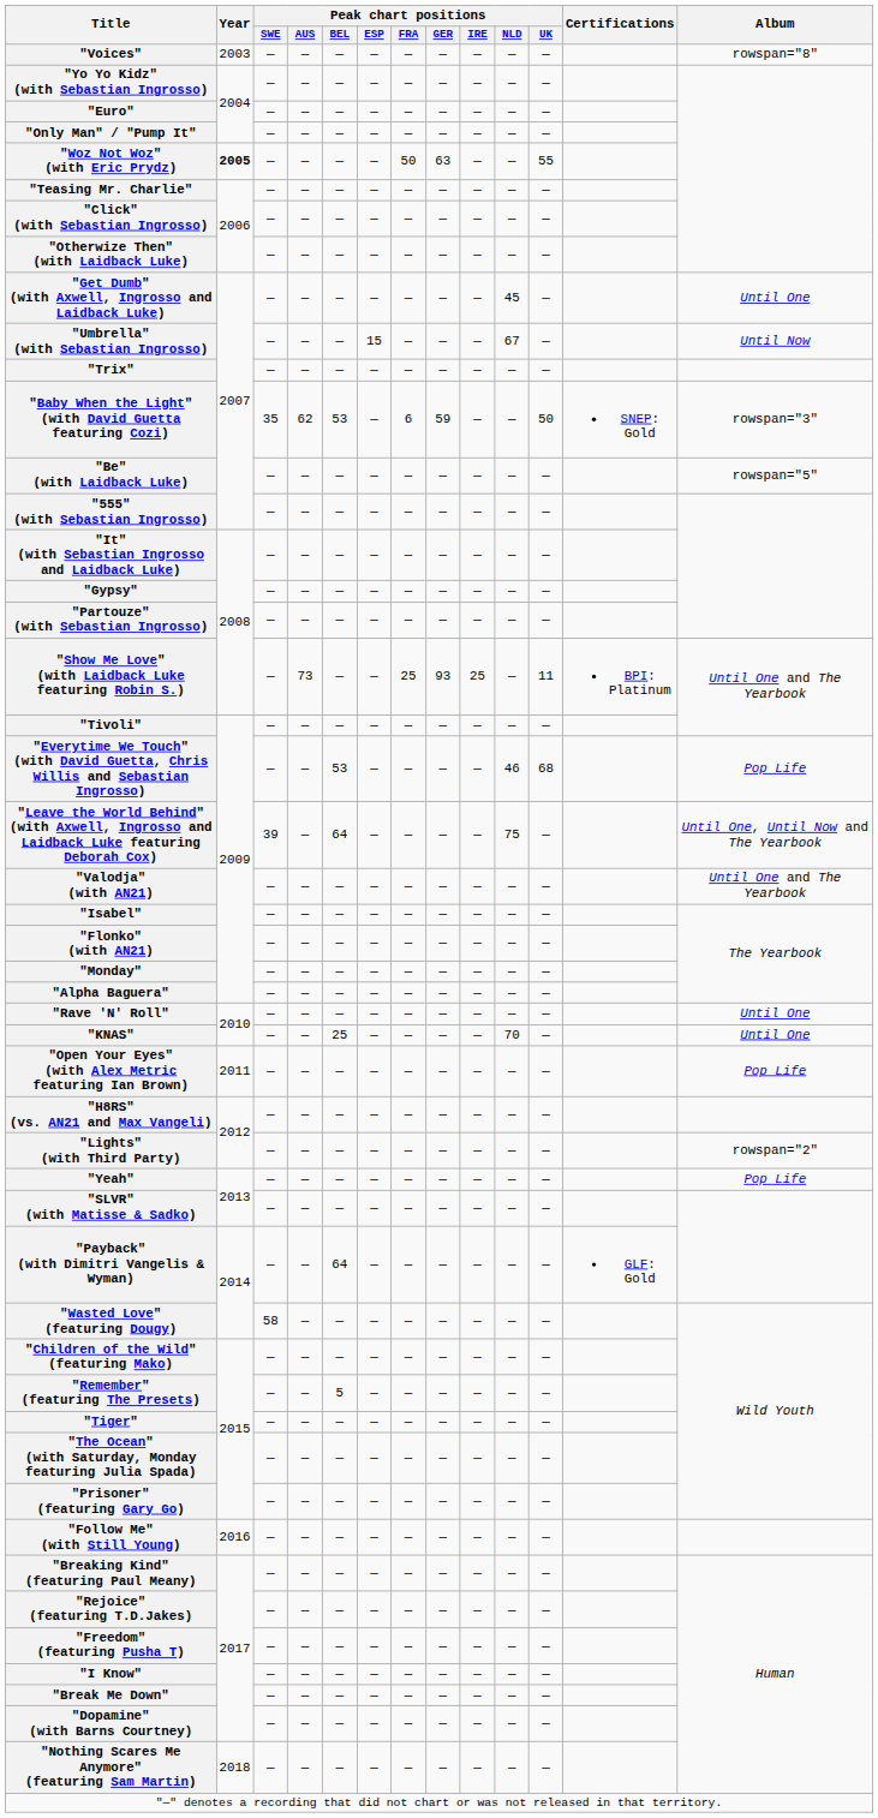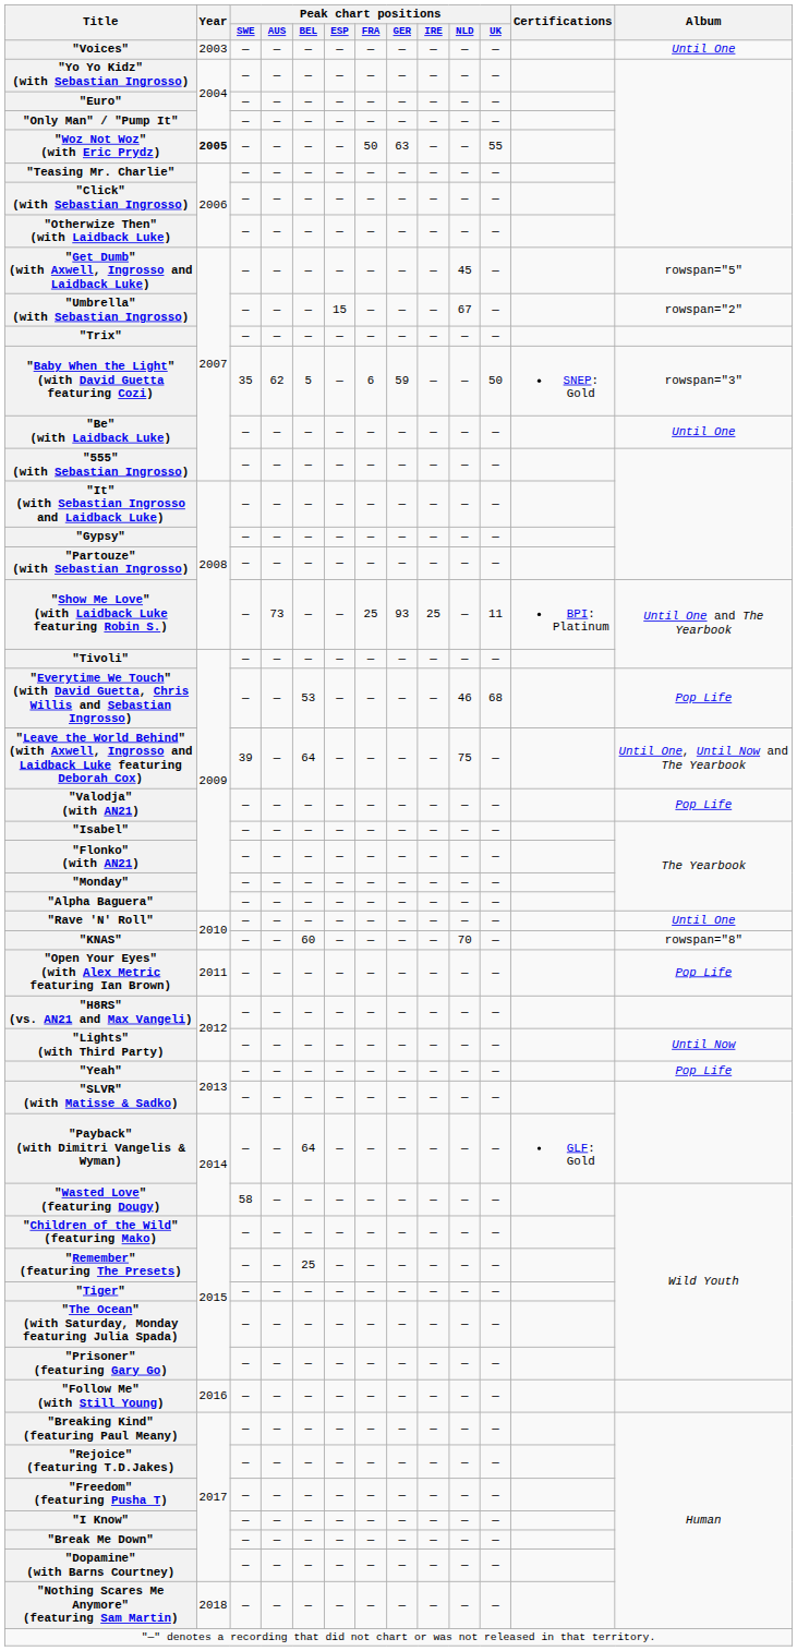 <table class="wikitable plainrowheaders" style="text-align:center;">
 <tr>
 <th scope="col" rowspan="2" style="width:20em;">Title</th>
 <th scope="col" rowspan="2" style="width:1.5em;">Year</th>
 <th scope="col" colspan="9">Peak chart positions</th>
 <th scope="col" rowspan="2">Certifications</th>
 <th scope="col" rowspan="2" style="width:18em;">Album</th>
 </tr>
 <tr>
 <th scope="col" style="width:3em;font-size:85%;"><a href='#'>SWE</a><br></th>
 <th scope="col" style="width:3em;font-size:85%;"><a href='#'>AUS</a><br></th>
 <th scope="col" style="width:3em;font-size:85%;"><a href='#'>BEL</a><br></th>
 <th scope="col" style="width:3em;font-size:85%;"><a href='#'>ESP</a><br></th>
 <th scope="col" style="width:3em;font-size:85%;"><a href='#'>FRA</a><br></th>
 <th scope="col" style="width:3em;font-size:85%;"><a href='#'>GER</a><br></th>
 <th scope="col" style="width:3em;font-size:85%;"><a href='#'>IRE</a><br></th>
 <th scope="col" style="width:3em;font-size:85%;"><a href='#'>NLD</a><br></th>
 <th scope="col" style="width:3em;font-size:85%;"><a href='#'>UK</a><br></th>
 </tr>
 <tr>
 <th scope="row">"Voices"</th>
 <td>2003</td>
 <td>—</td>
 <td>—</td>
 <td>—</td>
 <td>—</td>
 <td>—</td>
 <td>—</td>
 <td>—</td>
 <td>—</td>
 <td>—</td>
 <td></td>
-<td>rowspan="8" </td>
+<td><em><a href='#'>Until One</a></em></td>
 </tr>
 <tr>
 <th scope="row">"Yo Yo Kidz"<br><span>(with <a href='#'>Sebastian Ingrosso</a>)</span></th>
 <td rowspan="3">2004</td>
 <td>—</td>
 <td>—</td>
 <td>—</td>
 <td>—</td>
 <td>—</td>
 <td>—</td>
 <td>—</td>
 <td>—</td>
 <td>—</td>
 <td></td>
 </tr>
 <tr>
 <th scope="row">"Euro"</th>
 <td>—</td>
 <td>—</td>
 <td>—</td>
 <td>—</td>
 <td>—</td>
 <td>—</td>
 <td>—</td>
 <td>—</td>
 <td>—</td>
 <td></td>
 </tr>
 <tr>
 <th scope="row">"Only Man" / "Pump It"</th>
 <td>—</td>
 <td>—</td>
 <td>—</td>
 <td>—</td>
 <td>—</td>
 <td>—</td>
 <td>—</td>
 <td>—</td>
 <td>—</td>
 <td></td>
 </tr>
 <tr>
 <th scope="row">"<a href='#'>Woz Not Woz</a>"<br><span>(with <a href='#'>Eric Prydz</a>)</span></th>
 <td><strong>2005</strong></td>
 <td>—</td>
 <td>—</td>
 <td>—</td>
 <td>—</td>
 <td>50</td>
 <td>63</td>
 <td>—</td>
 <td>—</td>
 <td>55</td>
 <td></td>
 </tr>
 <tr>
 <th scope="row">"Teasing Mr. Charlie"</th>
 <td rowspan="3">2006</td>
 <td>—</td>
 <td>—</td>
 <td>—</td>
 <td>—</td>
 <td>—</td>
 <td>—</td>
 <td>—</td>
 <td>—</td>
 <td>—</td>
 <td></td>
 </tr>
 <tr>
 <th scope="row">"Click"<br><span>(with <a href='#'>Sebastian Ingrosso</a>)</span></th>
 <td>—</td>
 <td>—</td>
 <td>—</td>
 <td>—</td>
 <td>—</td>
 <td>—</td>
 <td>—</td>
 <td>—</td>
 <td>—</td>
 <td></td>
 </tr>
 <tr>
 <th scope="row">"Otherwize Then"<br><span>(with <a href='#'>Laidback Luke</a>)</span></th>
 <td>—</td>
 <td>—</td>
 <td>—</td>
 <td>—</td>
 <td>—</td>
 <td>—</td>
 <td>—</td>
 <td>—</td>
 <td>—</td>
 <td></td>
 </tr>
 <tr>
 <th scope="row">"<a href='#'>Get Dumb</a>"<br><span>(with <a href='#'>Axwell</a>, <a href='#'>Ingrosso</a> and <a href='#'>Laidback Luke</a>)</span></th>
 <td rowspan="6">2007</td>
 <td>—</td>
 <td>—</td>
 <td>—</td>
 <td>—</td>
 <td>—</td>
 <td>—</td>
 <td>—</td>
 <td>45</td>
 <td>—</td>
 <td></td>
-<td><em><a href='#'>Until One</a></em></td>
+<td>rowspan="5" </td>
 </tr>
 <tr>
 <th scope="row">"Umbrella"<br><span>(with <a href='#'>Sebastian Ingrosso</a>)</span></th>
 <td>—</td>
 <td>—</td>
 <td>—</td>
 <td>15</td>
 <td>—</td>
 <td>—</td>
 <td>—</td>
 <td>67</td>
 <td>—</td>
 <td></td>
-<td><em><a href='#'>Until Now</a></em></td>
+<td>rowspan="2" </td>
 </tr>
 <tr>
 <th scope="row">"Trix"</th>
 <td>—</td>
 <td>—</td>
 <td>—</td>
 <td>—</td>
 <td>—</td>
 <td>—</td>
 <td>—</td>
 <td>—</td>
 <td>—</td>
 <td></td>
 </tr>
 <tr>
 <th scope="row">"<a href='#'>Baby When the Light</a>"<br><span>(with <a href='#'>David Guetta</a> featuring <a href='#'>Cozi</a>)</span></th>
 <td>35</td>
 <td>62</td>
-<td>53</td>
+<td>5</td>
 <td>—</td>
 <td>6</td>
 <td>59</td>
 <td>—</td>
 <td>—</td>
 <td>50</td>
 <td><br><ul><li><a href='#'>SNEP</a>: Gold</li></ul></td>
 <td>rowspan="3" </td>
 </tr>
 <tr>
 <th scope="row">"Be"<br><span>(with  <a href='#'>Laidback Luke</a>)</span></th>
 <td>—</td>
 <td>—</td>
 <td>—</td>
 <td>—</td>
 <td>—</td>
 <td>—</td>
 <td>—</td>
 <td>—</td>
 <td>—</td>
 <td></td>
-<td>rowspan="5" </td>
+<td><em><a href='#'>Until One</a></em></td>
 </tr>
 <tr>
 <th scope="row">"555"<br><span>(with <a href='#'>Sebastian Ingrosso</a>)</span></th>
 <td>—</td>
 <td>—</td>
 <td>—</td>
 <td>—</td>
 <td>—</td>
 <td>—</td>
 <td>—</td>
 <td>—</td>
 <td>—</td>
 <td></td>
 </tr>
 <tr>
 <th scope="row">"It"<br><span>(with <a href='#'>Sebastian Ingrosso</a> and <a href='#'>Laidback Luke</a>)</span></th>
 <td rowspan="4">2008</td>
 <td>—</td>
 <td>—</td>
 <td>—</td>
 <td>—</td>
 <td>—</td>
 <td>—</td>
 <td>—</td>
 <td>—</td>
 <td>—</td>
 <td></td>
 </tr>
 <tr>
 <th scope="row">"Gypsy"</th>
 <td>—</td>
 <td>—</td>
 <td>—</td>
 <td>—</td>
 <td>—</td>
 <td>—</td>
 <td>—</td>
 <td>—</td>
 <td>—</td>
 <td></td>
 </tr>
 <tr>
 <th scope="row">"Partouze"<br><span>(with <a href='#'>Sebastian Ingrosso</a>)</span></th>
 <td>—</td>
 <td>—</td>
 <td>—</td>
 <td>—</td>
 <td>—</td>
 <td>—</td>
 <td>—</td>
 <td>—</td>
 <td>—</td>
 <td></td>
 </tr>
 <tr>
 <th scope="row">"<a href='#'>Show Me Love</a>"<br><span>(with <a href='#'>Laidback Luke</a> featuring <a href='#'>Robin S.</a>)</span></th>
 <td>—</td>
 <td>73</td>
 <td>—</td>
 <td>—</td>
 <td>25</td>
 <td>93</td>
 <td>25</td>
 <td>—</td>
 <td>11</td>
 <td><br><ul><li><a href='#'>BPI</a>: Platinum</li></ul></td>
 <td rowspan="2"><em><a href='#'>Until One</a></em> and <em>The Yearbook</em></td>
 </tr>
 <tr>
 <th scope="row">"Tivoli"</th>
 <td rowspan="8">2009</td>
 <td>—</td>
 <td>—</td>
 <td>—</td>
 <td>—</td>
 <td>—</td>
 <td>—</td>
 <td>—</td>
 <td>—</td>
 <td>—</td>
 <td></td>
 </tr>
 <tr>
 <th scope="row">"<a href='#'>Everytime We Touch</a>"<br><span>(with <a href='#'>David Guetta</a>, <a href='#'>Chris Willis</a> and <a href='#'>Sebastian Ingrosso</a>)</span></th>
 <td>—</td>
 <td>—</td>
 <td>53</td>
 <td>—</td>
 <td>—</td>
 <td>—</td>
 <td>—</td>
 <td>46</td>
 <td>68</td>
 <td></td>
 <td><em><a href='#'>Pop Life</a></em></td>
 </tr>
 <tr>
 <th scope="row">"<a href='#'>Leave the World Behind</a>"<br><span>(with <a href='#'>Axwell</a>, <a href='#'>Ingrosso</a> and <a href='#'>Laidback Luke</a> featuring <a href='#'>Deborah Cox</a>)</span></th>
 <td>39</td>
 <td>—</td>
 <td>64</td>
 <td>—</td>
 <td>—</td>
 <td>—</td>
 <td>—</td>
 <td>75</td>
 <td>—</td>
 <td></td>
 <td><em><a href='#'>Until One</a></em>, <em><a href='#'>Until Now</a></em> and <em>The Yearbook</em></td>
 </tr>
 <tr>
 <th scope="row">"Valodja"<br><span>(with <a href='#'>AN21</a>)</span></th>
 <td>—</td>
 <td>—</td>
 <td>—</td>
 <td>—</td>
 <td>—</td>
 <td>—</td>
 <td>—</td>
 <td>—</td>
 <td>—</td>
 <td></td>
-<td><em><a href='#'>Until One</a></em> and <em>The Yearbook</em></td>
+<td><em><a href='#'>Pop Life</a></em></td>
 </tr>
 <tr>
 <th scope="row">"Isabel"</th>
 <td>—</td>
 <td>—</td>
 <td>—</td>
 <td>—</td>
 <td>—</td>
 <td>—</td>
 <td>—</td>
 <td>—</td>
 <td>—</td>
 <td></td>
 <td rowspan="4"><em>The Yearbook</em></td>
 </tr>
 <tr>
 <th scope="row">"Flonko"<br><span>(with <a href='#'>AN21</a>)</span></th>
 <td>—</td>
 <td>—</td>
 <td>—</td>
 <td>—</td>
 <td>—</td>
 <td>—</td>
 <td>—</td>
 <td>—</td>
 <td>—</td>
 <td></td>
 </tr>
 <tr>
 <th scope="row">"Monday"</th>
 <td>—</td>
 <td>—</td>
 <td>—</td>
 <td>—</td>
 <td>—</td>
 <td>—</td>
 <td>—</td>
 <td>—</td>
 <td>—</td>
 <td></td>
 </tr>
 <tr>
 <th scope="row">"Alpha Baguera"</th>
 <td>—</td>
 <td>—</td>
 <td>—</td>
 <td>—</td>
 <td>—</td>
 <td>—</td>
 <td>—</td>
 <td>—</td>
 <td>—</td>
 <td></td>
 </tr>
 <tr>
 <th scope="row">"Rave 'N' Roll"</th>
 <td rowspan="2">2010</td>
 <td>—</td>
 <td>—</td>
 <td>—</td>
 <td>—</td>
 <td>—</td>
 <td>—</td>
 <td>—</td>
 <td>—</td>
 <td>—</td>
 <td></td>
 <td><em><a href='#'>Until One</a></em></td>
 </tr>
 <tr>
 <th scope="row">"KNAS"</th>
 <td>—</td>
 <td>—</td>
-<td>25</td>
+<td>60</td>
 <td>—</td>
 <td>—</td>
 <td>—</td>
 <td>—</td>
 <td>70</td>
 <td>—</td>
 <td></td>
-<td><em><a href='#'>Until One</a></em></td>
+<td>rowspan="8" </td>
 </tr>
 <tr>
 <th scope="row">"Open Your Eyes" <br><span>(with <a href='#'>Alex Metric</a> featuring Ian Brown)</span></th>
 <td>2011</td>
 <td>—</td>
 <td>—</td>
 <td>—</td>
 <td>—</td>
 <td>—</td>
 <td>—</td>
 <td>—</td>
 <td>—</td>
 <td>—</td>
 <td></td>
 <td><em><a href='#'>Pop Life</a></em></td>
 </tr>
 <tr>
 <th scope="row">"H8RS"<br><span>(vs. <a href='#'>AN21</a> and <a href='#'>Max Vangeli</a>)</span></th>
 <td rowspan="2">2012</td>
 <td>—</td>
 <td>—</td>
 <td>—</td>
 <td>—</td>
 <td>—</td>
 <td>—</td>
 <td>—</td>
 <td>—</td>
 <td>—</td>
 <td></td>
 </tr>
 <tr>
 <th scope="row">"Lights"<br><span>(with Third Party)</span></th>
 <td>—</td>
 <td>—</td>
 <td>—</td>
 <td>—</td>
 <td>—</td>
 <td>—</td>
 <td>—</td>
 <td>—</td>
 <td>—</td>
 <td></td>
-<td>rowspan="2" </td>
+<td><em><a href='#'>Until Now</a></em></td>
 </tr>
 <tr>
 <th scope="row">"Yeah"</th>
 <td rowspan="2">2013</td>
 <td>—</td>
 <td>—</td>
 <td>—</td>
 <td>—</td>
 <td>—</td>
 <td>—</td>
 <td>—</td>
 <td>—</td>
 <td>—</td>
 <td></td>
 <td><em><a href='#'>Pop Life</a></em></td>
 </tr>
 <tr>
 <th scope="row">"SLVR"<br><span>(with <a href='#'>Matisse & Sadko</a>)</span></th>
 <td>—</td>
 <td>—</td>
 <td>—</td>
 <td>—</td>
 <td>—</td>
 <td>—</td>
 <td>—</td>
 <td>—</td>
 <td>—</td>
 <td></td>
 </tr>
 <tr>
 <th scope="row">"Payback"<br><span>(with Dimitri Vangelis & Wyman)</span></th>
 <td rowspan="2">2014</td>
 <td>—</td>
 <td>—</td>
 <td>64</td>
 <td>—</td>
 <td>—</td>
 <td>—</td>
 <td>—</td>
 <td>—</td>
 <td>—</td>
 <td><br><ul><li><a href='#'>GLF</a>: Gold</li></ul></td>
 </tr>
 <tr>
 <th scope="row">"<a href='#'>Wasted Love</a>"<br><span>(featuring <a href='#'>Dougy</a>)</span></th>
 <td>58</td>
 <td>—</td>
 <td>—</td>
 <td>—</td>
 <td>—</td>
 <td>—</td>
 <td>—</td>
 <td>—</td>
 <td>—</td>
 <td></td>
 <td rowspan="6"><em>Wild Youth</em></td>
 </tr>
 <tr>
 <th scope="row">"<a href='#'>Children of the Wild</a>"<br><span>(featuring <a href='#'>Mako</a>)</span></th>
 <td rowspan="5">2015</td>
 <td>—</td>
 <td>—</td>
 <td>—</td>
 <td>—</td>
 <td>—</td>
 <td>—</td>
 <td>—</td>
 <td>—</td>
 <td>—</td>
 <td></td>
 </tr>
 <tr>
 <th scope="row">"<a href='#'>Remember</a>"<br><span>(featuring <a href='#'>The Presets</a>)</span></th>
 <td>—</td>
 <td>—</td>
-<td>5</td>
+<td>25</td>
 <td>—</td>
 <td>—</td>
 <td>—</td>
 <td>—</td>
 <td>—</td>
 <td>—</td>
 <td></td>
 </tr>
 <tr>
 <th scope="row">"<a href='#'>Tiger</a>"<br></th>
 <td>—</td>
 <td>—</td>
 <td>—</td>
 <td>—</td>
 <td>—</td>
 <td>—</td>
 <td>—</td>
 <td>—</td>
 <td>—</td>
 <td></td>
 </tr>
 <tr>
 <th scope="row">"<a href='#'>The Ocean</a>"<br><span>(with Saturday, Monday featuring Julia Spada)</span></th>
 <td>—</td>
 <td>—</td>
 <td>—</td>
 <td>—</td>
 <td>—</td>
 <td>—</td>
 <td>—</td>
 <td>—</td>
 <td>—</td>
 <td></td>
 </tr>
 <tr>
 <th scope="row">"Prisoner"<br><span>(featuring <a href='#'>Gary Go</a>)</span></th>
 <td>—</td>
 <td>—</td>
 <td>—</td>
 <td>—</td>
 <td>—</td>
 <td>—</td>
 <td>—</td>
 <td>—</td>
 <td>—</td>
 <td></td>
 </tr>
 <tr>
 <th scope="row">"Follow Me"<br><span>(with <a href='#'>Still Young</a>)</span></th>
 <td>2016</td>
 <td>—</td>
 <td>—</td>
 <td>—</td>
 <td>—</td>
 <td>—</td>
 <td>—</td>
 <td>—</td>
 <td>—</td>
 <td>—</td>
 <td></td>
 <td></td>
 </tr>
 <tr>
 <th scope="row">"Breaking Kind"<br><span>(featuring Paul Meany)</span></th>
 <td rowspan="6">2017</td>
 <td>—</td>
 <td>—</td>
 <td>—</td>
 <td>—</td>
 <td>—</td>
 <td>—</td>
 <td>—</td>
 <td>—</td>
 <td>—</td>
 <td></td>
 <td rowspan="7"><em>Human</em></td>
 </tr>
 <tr>
 <th scope="row">"Rejoice"<br><span>(featuring T.D.Jakes)</span></th>
 <td>—</td>
 <td>—</td>
 <td>—</td>
 <td>—</td>
 <td>—</td>
 <td>—</td>
 <td>—</td>
 <td>—</td>
 <td>—</td>
 <td></td>
 </tr>
 <tr>
 <th scope="row">"Freedom"<br><span>(featuring <a href='#'>Pusha T</a>)</span></th>
 <td>—</td>
 <td>—</td>
 <td>—</td>
 <td>—</td>
 <td>—</td>
 <td>—</td>
 <td>—</td>
 <td>—</td>
 <td>—</td>
 <td></td>
 </tr>
 <tr>
 <th scope="row">"I Know"</th>
 <td>—</td>
 <td>—</td>
 <td>—</td>
 <td>—</td>
 <td>—</td>
 <td>—</td>
 <td>—</td>
 <td>—</td>
 <td>—</td>
 <td></td>
 </tr>
 <tr>
 <th scope="row">"Break Me Down"</th>
 <td>—</td>
 <td>—</td>
 <td>—</td>
 <td>—</td>
 <td>—</td>
 <td>—</td>
 <td>—</td>
 <td>—</td>
 <td>—</td>
 <td></td>
 </tr>
 <tr>
 <th scope="row">"Dopamine"<br><span>(with Barns Courtney)</span></th>
 <td>—</td>
 <td>—</td>
 <td>—</td>
 <td>—</td>
 <td>—</td>
 <td>—</td>
 <td>—</td>
 <td>—</td>
 <td>—</td>
 <td></td>
 </tr>
 <tr>
 <th scope="row">"Nothing Scares Me Anymore" <br><span>(featuring <a href='#'>Sam Martin</a>)</span></th>
 <td>2018</td>
 <td>—</td>
 <td>—</td>
 <td>—</td>
 <td>—</td>
 <td>—</td>
 <td>—</td>
 <td>—</td>
 <td>—</td>
 <td>—</td>
 <td></td>
 </tr>
 <tr>
 <td colspan="13" style="font-size:90%">"—" denotes a recording that did not chart or was not released in that territory.</td>
 </tr>
 </table>
